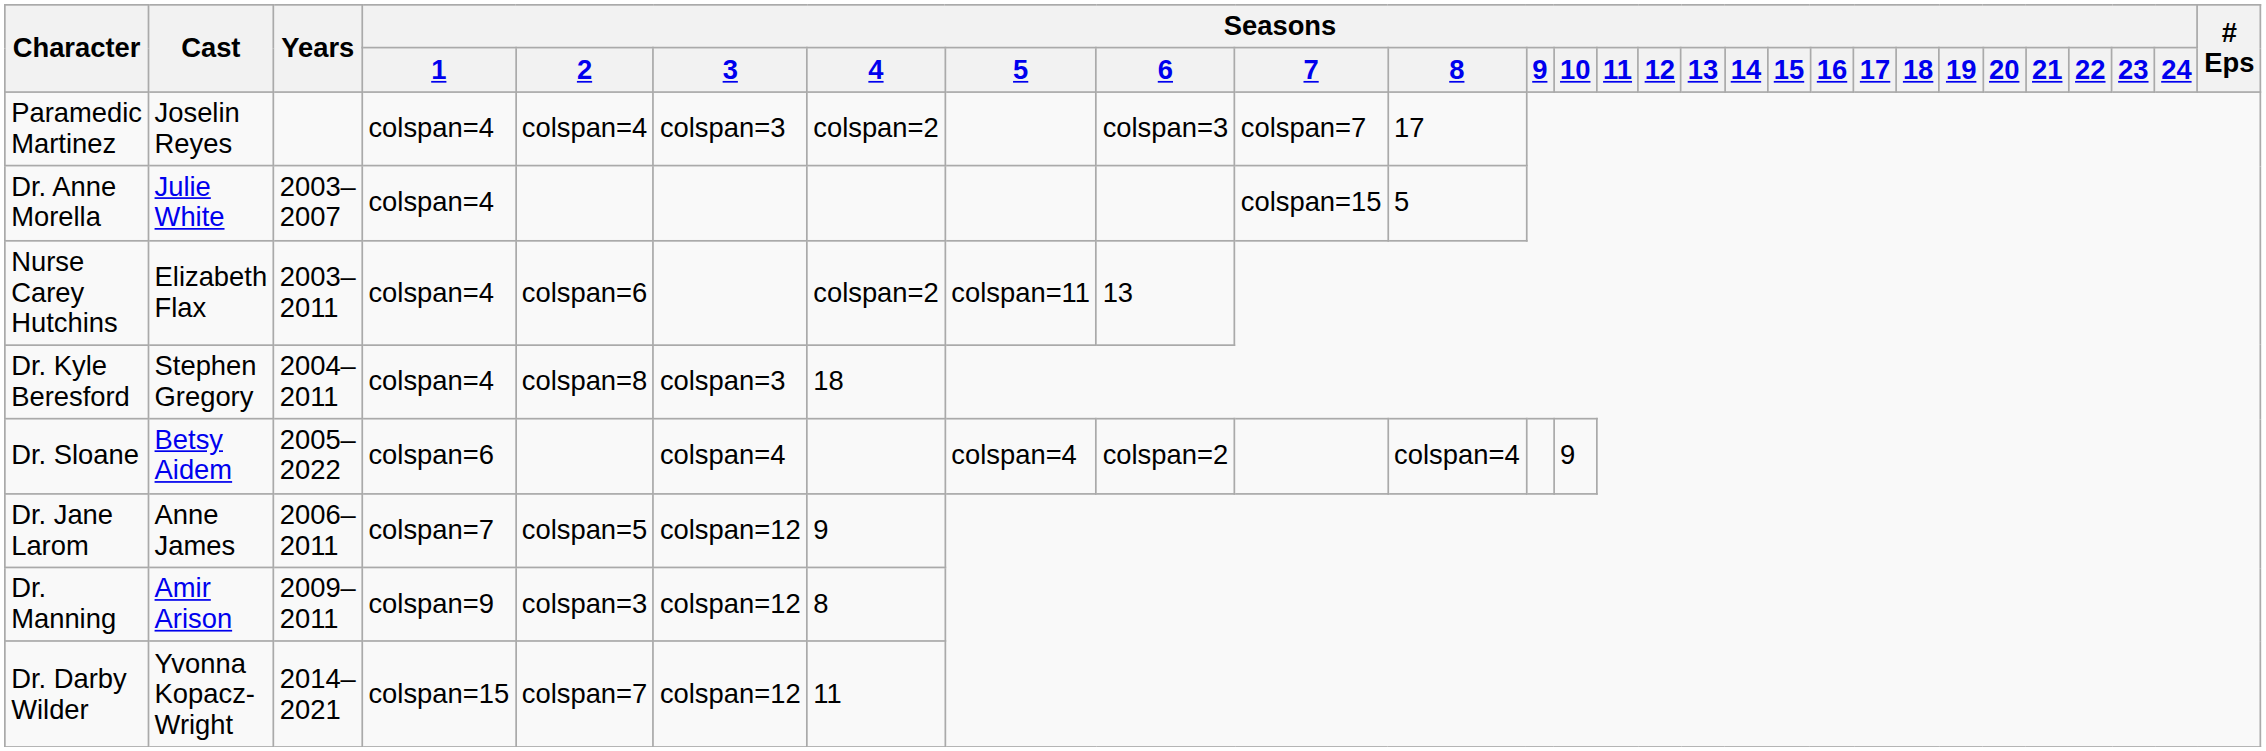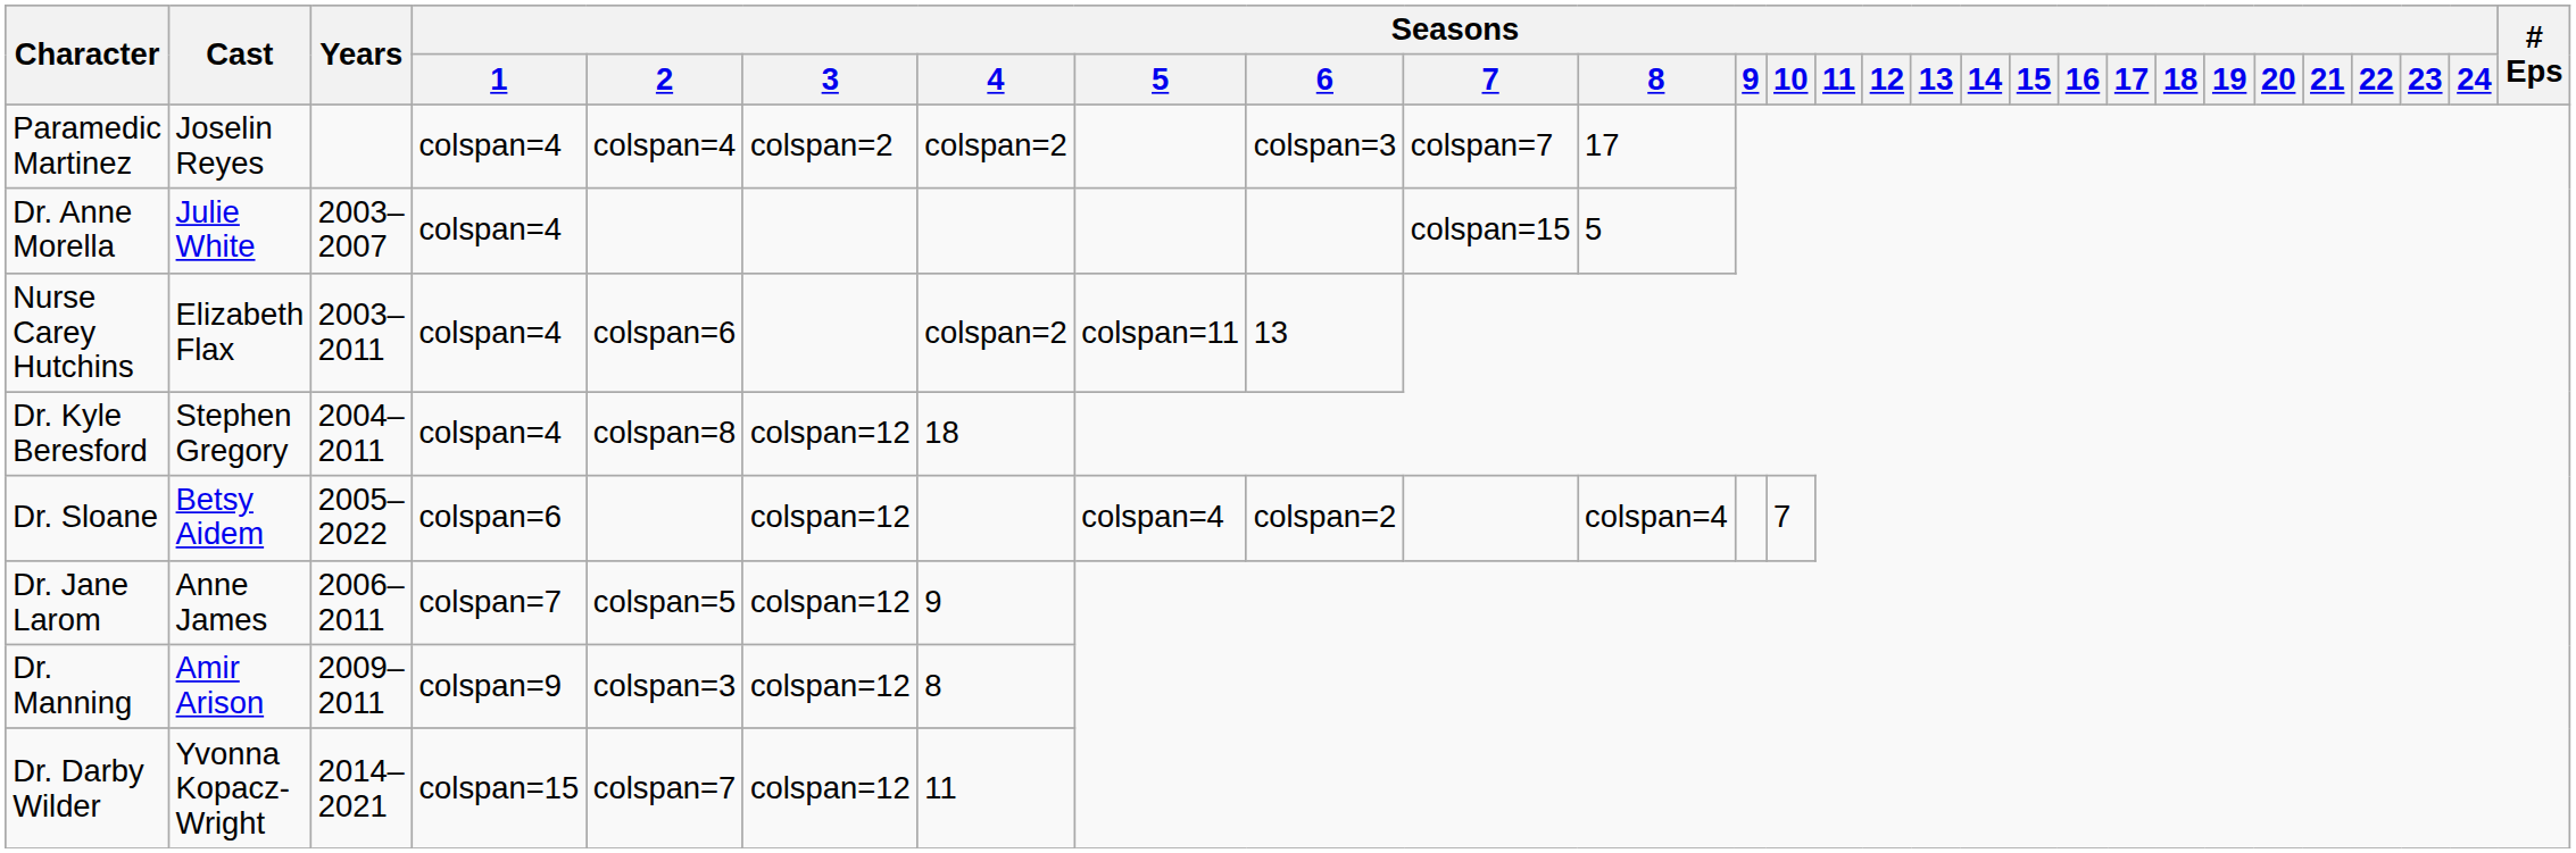 <table class="wikitable">
 <tr>
 <th rowspan=2>Character</th>
 <th rowspan=2>Cast</th>
 <th rowspan=2>Years</th>
 <th colspan=24>Seasons</th>
 <th rowspan=2># Eps</th>
 </tr>
 <tr>
 <th><a href='#'>1</a></th>
 <th><a href='#'>2</a></th>
 <th><a href='#'>3</a></th>
 <th><a href='#'>4</a></th>
 <th><a href='#'>5</a></th>
 <th><a href='#'>6</a></th>
 <th><a href='#'>7</a></th>
 <th><a href='#'>8</a></th>
 <th><a href='#'>9</a></th>
 <th><a href='#'>10</a></th>
 <th><a href='#'>11</a></th>
 <th><a href='#'>12</a></th>
 <th><a href='#'>13</a></th>
 <th><a href='#'>14</a></th>
 <th><a href='#'>15</a></th>
 <th><a href='#'>16</a></th>
 <th><a href='#'>17</a></th>
 <th><a href='#'>18</a></th>
 <th><a href='#'>19</a></th>
 <th><a href='#'>20</a></th>
 <th><a href='#'>21</a></th>
 <th><a href='#'>22</a></th>
 <th><a href='#'>23</a></th>
 <th><a href='#'>24</a></th>
 </tr>
 <tr>
 <td>Paramedic Martinez</td>
 <td>Joselin Reyes</td>
 <td></td>
 <td>colspan=4 </td>
 <td>colspan=4 </td>
-<td>colspan=3 </td>
+<td>colspan=2 </td>
 <td>colspan=2 </td>
 <td></td>
 <td>colspan=3 </td>
 <td>colspan=7 </td>
 <td>17</td>
 </tr>
 <tr>
 <td>Dr. Anne Morella</td>
 <td><a href='#'>Julie White</a></td>
 <td>2003–2007</td>
 <td>colspan=4 </td>
 <td></td>
 <td></td>
 <td></td>
 <td></td>
 <td></td>
 <td>colspan=15 </td>
 <td>5</td>
 </tr>
 <tr>
 <td>Nurse Carey Hutchins</td>
 <td>Elizabeth Flax</td>
 <td>2003–2011</td>
 <td>colspan=4 </td>
 <td>colspan=6 </td>
 <td></td>
 <td>colspan=2 </td>
 <td>colspan=11 </td>
 <td>13</td>
 </tr>
 <tr>
 <td>Dr. Kyle Beresford</td>
 <td>Stephen Gregory</td>
 <td>2004–2011</td>
 <td>colspan=4 </td>
 <td>colspan=8 </td>
-<td>colspan=3 </td>
+<td>colspan=12 </td>
 <td>18</td>
 </tr>
 <tr>
 <td>Dr. Sloane</td>
 <td><a href='#'>Betsy Aidem</a></td>
 <td>2005–2022</td>
 <td>colspan=6 </td>
 <td></td>
-<td>colspan=4 </td>
+<td>colspan=12 </td>
 <td></td>
 <td>colspan=4 </td>
 <td>colspan=2 </td>
 <td></td>
 <td>colspan=4 </td>
 <td></td>
-<td>9</td>
+<td>7</td>
 </tr>
 <tr>
 <td>Dr. Jane Larom</td>
 <td>Anne James</td>
 <td>2006–2011</td>
 <td>colspan=7 </td>
 <td>colspan=5 </td>
 <td>colspan=12 </td>
 <td>9</td>
 </tr>
 <tr>
 <td>Dr. Manning</td>
 <td><a href='#'>Amir Arison</a></td>
 <td>2009–2011</td>
 <td>colspan=9 </td>
 <td>colspan=3 </td>
 <td>colspan=12 </td>
 <td>8</td>
 </tr>
 <tr>
 <td>Dr. Darby Wilder</td>
 <td>Yvonna Kopacz-Wright</td>
 <td>2014–2021</td>
 <td>colspan=15 </td>
 <td>colspan=7 </td>
 <td>colspan=12 </td>
 <td>11</td>
 </tr>
 </table>
